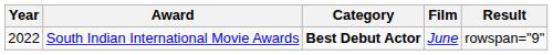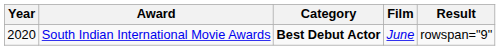 <table class="wikitable">
 <tr>
 <th>Year</th>
 <th>Award</th>
 <th>Category</th>
 <th>Film</th>
 <th>Result</th>
 </tr>
 <tr>
-<td>2022</td>
+<td>2020</td>
 <td><a href='#'>South Indian International Movie Awards</a></td>
 <td><strong>Best Debut Actor</strong></td>
 <td rowspan="7"><em><a href='#'>June</a></em></td>
 <td>rowspan="9" </td>
 </tr>
 </table>
